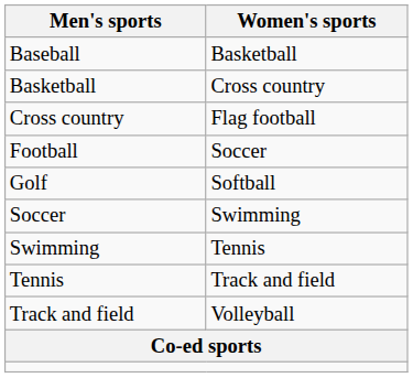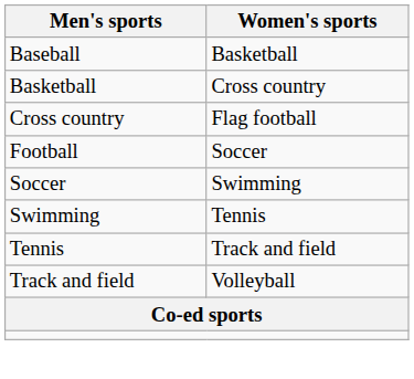 <table class="wikitable"; style= "text-align: ">
 <tr>
 <th width=150px>Men's sports</th>
 <th width=150px>Women's sports</th>
 </tr>
 <tr>
 <td>Baseball</td>
 <td>Basketball</td>
 </tr>
 <tr>
 <td>Basketball</td>
 <td>Cross country</td>
 </tr>
 <tr>
 <td>Cross country</td>
 <td>Flag football</td>
 </tr>
 <tr>
 <td>Football</td>
 <td>Soccer</td>
-</tr>
-<tr>
-<td>Golf</td>
-<td>Softball</td>
 </tr>
 <tr>
 <td>Soccer</td>
 <td>Swimming</td>
 </tr>
 <tr>
 <td>Swimming</td>
 <td>Tennis</td>
 </tr>
 <tr>
 <td>Tennis</td>
 <td>Track and field</td>
 </tr>
 <tr>
 <td>Track and field</td>
 <td>Volleyball</td>
 </tr>
 <tr>
 <th colspan=2>Co-ed sports</th>
 </tr>
 <tr>
 <td colspan=2></td>
 </tr>
 </table>
